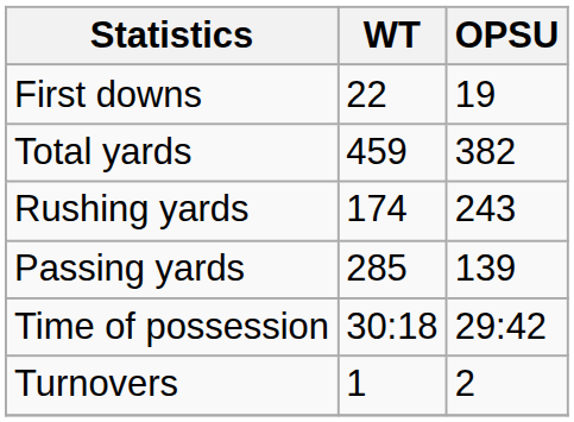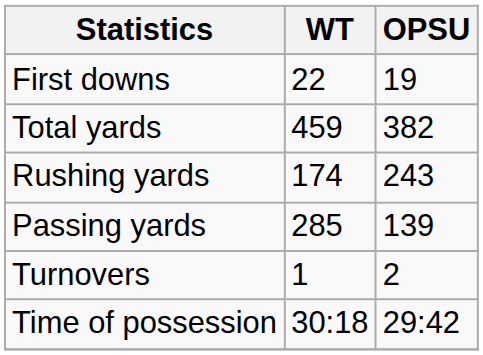 <table class="wikitable" style="float: left;">
 <tr>
 <th>Statistics</th>
 <th>WT</th>
 <th>OPSU</th>
 </tr>
 <tr>
 <td>First downs</td>
 <td>22</td>
 <td>19</td>
 </tr>
 <tr>
 <td>Total yards</td>
 <td>459</td>
 <td>382</td>
 </tr>
 <tr>
 <td>Rushing yards</td>
 <td>174</td>
 <td>243</td>
 </tr>
 <tr>
 <td>Passing yards</td>
 <td>285</td>
 <td>139</td>
 </tr>
 <tr>
+<td>Turnovers</td>
+<td>1</td>
+<td>2</td>
+</tr>
+<tr>
 <td>Time of possession</td>
 <td>30:18</td>
 <td>29:42</td>
 </tr>
 <tr>
-<td>Turnovers</td>
-<td>1</td>
-<td>2</td>
-</tr>
-<tr>
 </tr>
 </table>
